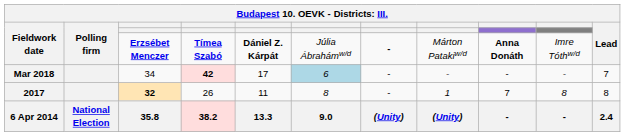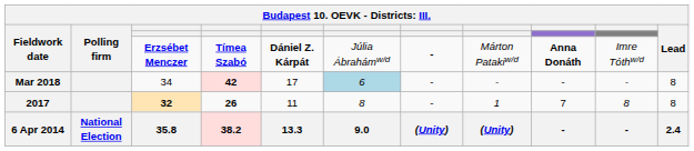 <table class="wikitable mw-collapsible mw-collapsed" style="text-align:center">
 <tr>
 <th colspan="11" style="width: 980pt;"><small><a href='#'>Budapest</a> 10. OEVK -</small> <small>Districts: <a href='#'>III.</a></small></th>
 </tr>
 <tr>
 <th rowspan="3" style="width: 80pt;"><small>Fieldwork</small> <small>date</small></th>
 <th rowspan="3" style="width: 80pt;"><strong><small>Polling</small> <small>firm</small></strong></th>
 <th style="width: 100pt;"><small></small></th>
 <th style="width: 100pt;"><small> </small></th>
 <th style="width: 100pt;"></th>
 <th style="width: 100pt;"></th>
 <th style="width: 100pt;"></th>
 <th style="width: 100pt;"></th>
 <th style="width: 100pt;"></th>
 <th style="width: 100pt;"></th>
 <th rowspan="3" style="width: 20pt;"><small>Lead</small></th>
 </tr>
 <tr>
 <th style="color:inherit;background:"></th>
 <th style="color:inherit;background:"></th>
 <th style="color:inherit;background:"></th>
 <th style="color:inherit;background:"></th>
 <th style="color:inherit;background:"></th>
 <th style="color:inherit;background:"></th>
 <th style="color:inherit;background:#8E6FCE;"></th>
 <th style="color:inherit;background:#808080;"></th>
 </tr>
 <tr>
 <td><a href='#'><small><strong>Erzsébet Menczer</strong></small></a></td>
 <td><a href='#'><small><strong>Tímea Szabó</strong></small></a></td>
 <td><small><strong>Dániel Z. Kárpát</strong></small></td>
 <td><small><em>Júlia Ábrahám<sup>w/d</sup></em></small></td>
 <td><small><strong>-</strong></small></td>
 <td><small><em>Márton Pataki<sup>w/d</sup></em></small></td>
 <td><small><strong>Anna Donáth</strong></small></td>
 <td><em><small>Imre Tóth<sup>w/d</sup></small></em></td>
 </tr>
 <tr>
 <th><small>Mar 2018</small></th>
 <th><small></small></th>
 <td><small>34</small></td>
 <td style="background:#FFDDDD"><small><strong>42</strong></small></td>
 <td><small>17</small></td>
 <td style="background: lightblue;"><small><em>6</em></small></td>
 <td><small>-</small></td>
 <td><em><small>-</small></em></td>
 <td><small>-</small></td>
 <td><em><small>-</small></em></td>
-<td style="background:"><small>7</small></td>
+<td style="background:"><small>8</small></td>
 </tr>
 <tr>
 <th><small>2017</small></th>
 <th><small></small></th>
 <td style="background:#FFE5B4"><strong><small>32</small></strong></td>
-<td><small>26</small></td>
+<td><strong><small>26</small></strong></td>
 <td><small>11</small></td>
 <td><small><em>8</em></small></td>
 <td><small>-</small></td>
 <td><small><em>1</em></small></td>
 <td><small>7</small></td>
 <td><em><small>8</small></em></td>
 <td style="background:"><small>8</small></td>
 </tr>
 <tr>
 <th><small>6 Apr 2014</small></th>
 <th><a href='#'><small>National Election</small></a></th>
 <th><small>35.8</small></th>
 <th style="background:#FFDDDD"><small>38.2</small></th>
 <th><small>13.3</small></th>
 <th><small>9.0</small></th>
 <th><small><em>(<a href='#'>Unity</a>)</em></small></th>
 <th><small><em>(<a href='#'>Unity</a>)</em></small></th>
 <th><small>-</small></th>
 <th><small>-</small></th>
 <th style="background:"><small>2.4</small></th>
 </tr>
 </table>
